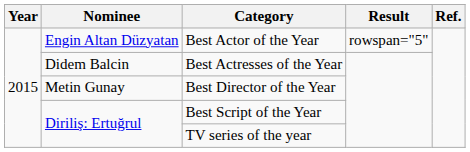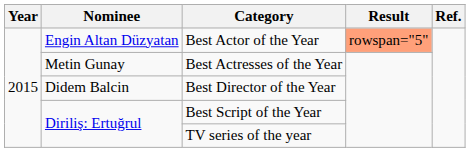 <table class="wikitable">
 <tr>
 <th>Year</th>
 <th>Nominee</th>
 <th>Category</th>
 <th>Result</th>
 <th>Ref.</th>
 </tr>
 <tr>
 <td rowspan="5">2015</td>
 <td><a href='#'>Engin Altan Düzyatan</a></td>
 <td>Best Actor of the Year</td>
-<td>rowspan="5" </td>
+<td style="background: lightsalmon;">rowspan="5" </td>
 <td rowspan="5" style="text-align: center;"></td>
 </tr>
 <tr>
-<td>Didem Balcin</td>
+<td>Metin Gunay</td>
 <td>Best Actresses of the Year</td>
 </tr>
 <tr>
-<td>Metin Gunay</td>
+<td>Didem Balcin</td>
 <td>Best Director of the Year</td>
 </tr>
 <tr>
 <td rowspan=2><a href='#'>Diriliş: Ertuğrul</a></td>
 <td>Best Script of the Year</td>
 </tr>
 <tr>
 <td>TV series of the year</td>
 </tr>
 </table>
